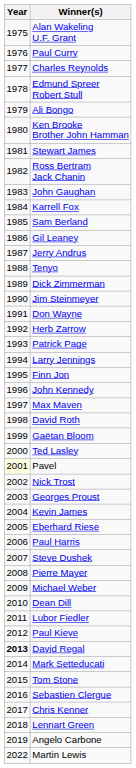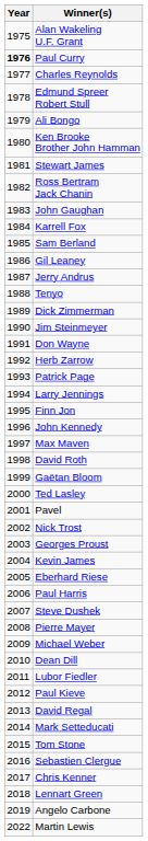 <table class="wikitable sortable">
 <tr>
 <th>Year</th>
 <th>Winner(s)</th>
 </tr>
 <tr>
 <td>1975</td>
 <td><a href='#'>Alan Wakeling</a><br><a href='#'>U.F. Grant</a></td>
 </tr>
 <tr>
-<td>1976</td>
+<td><strong>1976</strong></td>
 <td><a href='#'>Paul Curry</a></td>
 </tr>
 <tr>
 <td>1977</td>
 <td><a href='#'>Charles Reynolds</a></td>
 </tr>
 <tr>
 <td>1978</td>
 <td><a href='#'>Edmund Spreer</a><br><a href='#'>Robert Stull</a></td>
 </tr>
 <tr>
 <td>1979</td>
 <td><a href='#'>Ali Bongo</a></td>
 </tr>
 <tr>
 <td>1980</td>
 <td><a href='#'>Ken Brooke</a><br><a href='#'>Brother John Hamman</a></td>
 </tr>
 <tr>
 <td>1981</td>
 <td><a href='#'>Stewart James</a></td>
 </tr>
 <tr>
 <td>1982</td>
 <td><a href='#'>Ross Bertram</a><br><a href='#'>Jack Chanin</a></td>
 </tr>
 <tr>
 <td>1983</td>
 <td><a href='#'>John Gaughan</a></td>
 </tr>
 <tr>
 <td>1984</td>
 <td><a href='#'>Karrell Fox</a></td>
 </tr>
 <tr>
 <td>1985</td>
 <td><a href='#'>Sam Berland</a></td>
 </tr>
 <tr>
 <td>1986</td>
 <td><a href='#'>Gil Leaney</a></td>
 </tr>
 <tr>
 <td>1987</td>
 <td><a href='#'>Jerry Andrus</a></td>
 </tr>
 <tr>
 <td>1988</td>
 <td><a href='#'>Tenyo</a></td>
 </tr>
 <tr>
 <td>1989</td>
 <td><a href='#'>Dick Zimmerman</a></td>
 </tr>
 <tr>
 <td>1990</td>
 <td><a href='#'>Jim Steinmeyer</a></td>
 </tr>
 <tr>
 <td>1991</td>
 <td><a href='#'>Don Wayne</a></td>
 </tr>
 <tr>
 <td>1992</td>
 <td><a href='#'>Herb Zarrow</a></td>
 </tr>
 <tr>
 <td>1993</td>
 <td><a href='#'>Patrick Page</a></td>
 </tr>
 <tr>
 <td>1994</td>
 <td><a href='#'>Larry Jennings</a></td>
 </tr>
 <tr>
 <td>1995</td>
 <td><a href='#'>Finn Jon</a></td>
 </tr>
 <tr>
 <td>1996</td>
 <td><a href='#'>John Kennedy</a></td>
 </tr>
 <tr>
 <td>1997</td>
 <td><a href='#'>Max Maven</a></td>
 </tr>
 <tr>
 <td>1998</td>
 <td><a href='#'>David Roth</a></td>
 </tr>
 <tr>
 <td>1999</td>
 <td><a href='#'>Gaëtan Bloom</a></td>
 </tr>
 <tr>
 <td>2000</td>
 <td><a href='#'>Ted Lasley</a></td>
 </tr>
 <tr>
-<td style="background: lightyellow;">2001</td>
+<td>2001</td>
 <td>Pavel</td>
 </tr>
 <tr>
 <td>2002</td>
 <td><a href='#'>Nick Trost</a></td>
 </tr>
 <tr>
 <td>2003</td>
 <td><a href='#'>Georges Proust</a></td>
 </tr>
 <tr>
 <td>2004</td>
 <td><a href='#'>Kevin James</a></td>
 </tr>
 <tr>
 <td>2005</td>
 <td><a href='#'>Eberhard Riese</a></td>
 </tr>
 <tr>
 <td>2006</td>
 <td><a href='#'>Paul Harris</a></td>
 </tr>
 <tr>
 <td>2007</td>
 <td><a href='#'>Steve Dushek</a></td>
 </tr>
 <tr>
 <td>2008</td>
 <td><a href='#'>Pierre Mayer</a></td>
 </tr>
 <tr>
 <td>2009</td>
 <td><a href='#'>Michael Weber</a></td>
 </tr>
 <tr>
 <td>2010</td>
 <td><a href='#'>Dean Dill</a></td>
 </tr>
 <tr>
 <td>2011</td>
 <td><a href='#'>Lubor Fiedler</a></td>
 </tr>
 <tr>
 <td>2012</td>
 <td><a href='#'>Paul Kieve</a></td>
 </tr>
 <tr>
-<td><strong>2013</strong></td>
+<td>2013</td>
 <td><a href='#'>David Regal</a></td>
 </tr>
 <tr>
 <td>2014</td>
 <td><a href='#'>Mark Setteducati</a></td>
 </tr>
 <tr>
 <td>2015</td>
 <td><a href='#'>Tom Stone</a></td>
 </tr>
 <tr>
 <td>2016</td>
 <td><a href='#'>Sebastien Clergue</a></td>
 </tr>
 <tr>
 <td>2017</td>
 <td><a href='#'>Chris Kenner</a></td>
 </tr>
 <tr>
 <td>2018</td>
 <td><a href='#'>Lennart Green</a></td>
 </tr>
 <tr>
 <td>2019</td>
 <td>Angelo Carbone</td>
 </tr>
 <tr>
 <td>2022</td>
 <td>Martin Lewis</td>
 </tr>
 </table>
